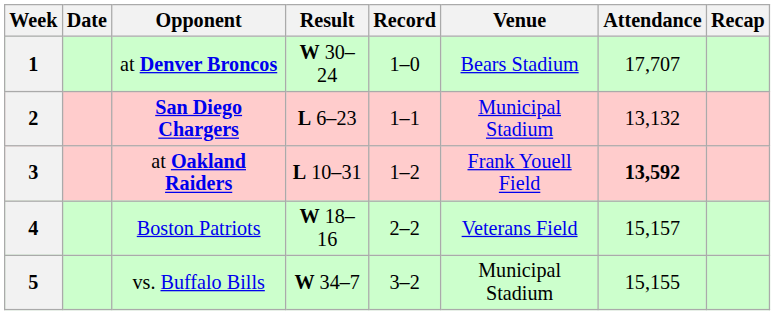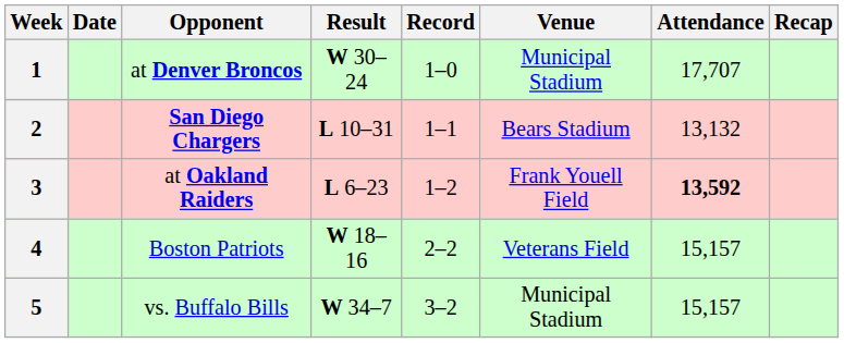 <table class="wikitable" style="text-align:center">
 <tr>
 <th>Week</th>
 <th>Date</th>
 <th>Opponent</th>
 <th>Result</th>
 <th>Record</th>
 <th>Venue</th>
 <th>Attendance</th>
 <th>Recap</th>
 </tr>
 <tr style="background:#cfc">
 <th>1</th>
 <td></td>
 <td>at <strong><a href='#'>Denver Broncos</a></strong></td>
 <td><strong>W</strong> 30–24</td>
 <td>1–0</td>
-<td><a href='#'>Bears Stadium</a></td>
+<td><a href='#'>Municipal Stadium</a></td>
 <td>17,707</td>
 <td></td>
 </tr>
 <tr style="background:#fcc">
 <th>2</th>
 <td></td>
 <td><strong><a href='#'>San Diego Chargers</a></strong></td>
-<td><strong>L</strong> 6–23</td>
+<td><strong>L</strong> 10–31</td>
 <td>1–1</td>
-<td><a href='#'>Municipal Stadium</a></td>
+<td><a href='#'>Bears Stadium</a></td>
 <td>13,132</td>
 <td></td>
 </tr>
 <tr style="background:#fcc">
 <th>3</th>
 <td></td>
 <td>at <strong><a href='#'>Oakland Raiders</a></strong></td>
-<td><strong>L</strong> 10–31</td>
+<td><strong>L</strong> 6–23</td>
 <td>1–2</td>
 <td><a href='#'>Frank Youell Field</a></td>
 <td><strong>13,592</strong></td>
 <td></td>
 </tr>
 <tr style="background:#cfc">
 <th>4</th>
 <td></td>
 <td><a href='#'>Boston Patriots</a></td>
 <td><strong>W</strong> 18–16</td>
 <td>2–2</td>
 <td><a href='#'>Veterans Field</a> </td>
 <td>15,157</td>
 <td></td>
 </tr>
 <tr style="background:#cfc">
 <th>5</th>
 <td></td>
 <td>vs. <a href='#'>Buffalo Bills</a></td>
 <td><strong>W</strong> 34–7</td>
 <td>3–2</td>
 <td>Municipal Stadium</td>
-<td>15,155</td>
+<td>15,157</td>
 <td></td>
 </tr>
 </table>
